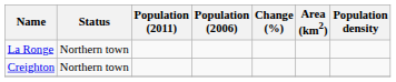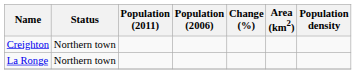 <table class="wikitable sortable">
 <tr>
 <th>Name</th>
 <th>Status</th>
 <th>Population<br>(2011)</th>
 <th>Population<br>(2006)</th>
 <th>Change<br>(%)</th>
 <th>Area<br>(km<sup>2</sup>)</th>
 <th>Population<br>density</th>
 </tr>
 <tr>
-<td><a href='#'>La Ronge</a></td>
+<td><a href='#'>Creighton</a></td>
 <td align=center>Northern town</td>
 <td align=center></td>
 <td align=center></td>
 <td align=center></td>
 <td align=center></td>
 <td align=center></td>
 </tr>
 <tr>
-<td><a href='#'>Creighton</a></td>
+<td><a href='#'>La Ronge</a></td>
 <td align=center>Northern town</td>
 <td align=center></td>
 <td align=center></td>
 <td align=center></td>
 <td align=center></td>
 <td align=center></td>
 </tr>
 <tr>
 </tr>
 </table>
